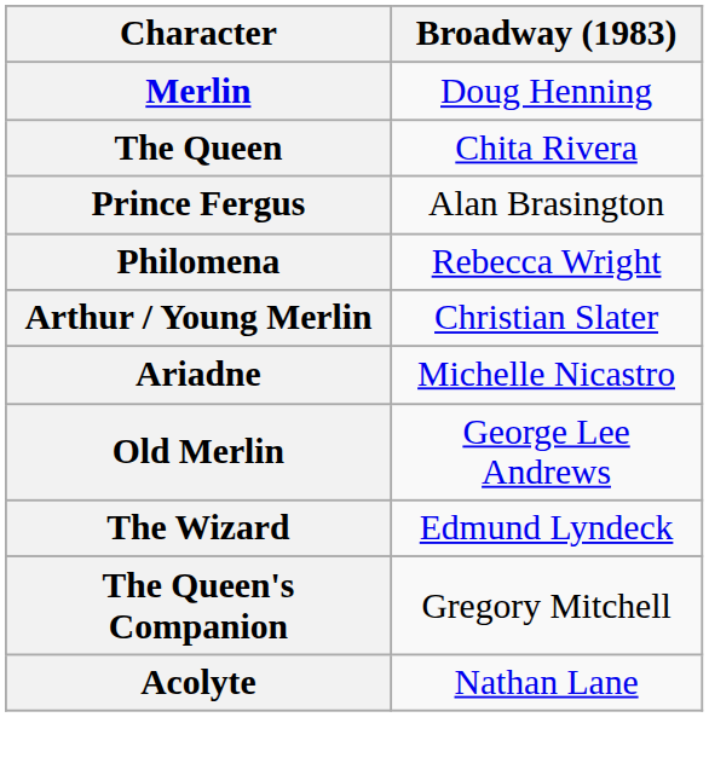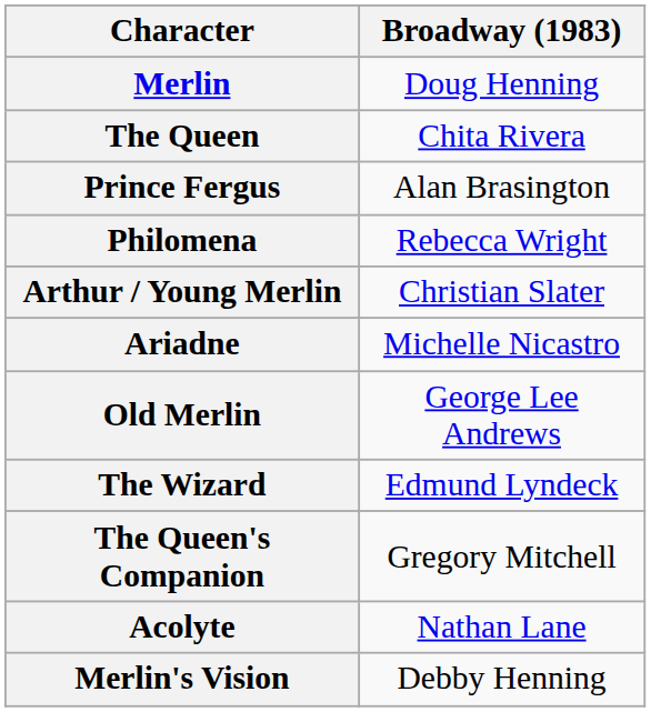 <table class="wikitable" style="width:50%; text-align:center">
 <tr>
 <th scope="col">Character</th>
 <th>Broadway (1983)</th>
 </tr>
 <tr>
 <th><a href='#'>Merlin</a></th>
 <td colspan="1"><a href='#'>Doug Henning</a></td>
 </tr>
 <tr>
 <th>The Queen</th>
 <td colspan="1”"><a href='#'>Chita Rivera</a></td>
 </tr>
 <tr>
 <th>Prince Fergus</th>
 <td colspan="1">Alan Brasington</td>
 </tr>
 <tr>
 <th>Philomena</th>
 <td colspan="1"><a href='#'>Rebecca Wright</a></td>
 </tr>
 <tr>
 <th>Arthur / Young Merlin</th>
 <td colspan="1"><a href='#'>Christian Slater</a></td>
 </tr>
 <tr>
 <th>Ariadne</th>
 <td colspan="1"><a href='#'>Michelle Nicastro</a></td>
 </tr>
 <tr>
 <th>Old Merlin</th>
 <td colspan="1"><a href='#'>George Lee Andrews</a></td>
 </tr>
 <tr>
 <th>The Wizard</th>
 <td colspan="1"><a href='#'>Edmund Lyndeck</a></td>
 </tr>
 <tr>
 <th>The Queen's Companion</th>
 <td colspan="1">Gregory Mitchell</td>
 </tr>
 <tr>
 <th>Acolyte</th>
 <td colspan="1”"><a href='#'>Nathan Lane</a></td>
 </tr>
+<tr>
+<th>Merlin's Vision</th>
+<td colspan="1">Debby Henning</td>
+</tr>
 </table>
